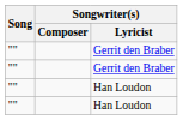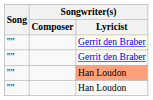 <table class="sortable wikitable" style="margin: 1em auto 1em auto">
 <tr>
 <th rowspan="2">Song</th>
 <th colspan="2">Songwriter(s)</th>
 </tr>
 <tr>
 <th>Composer</th>
 <th>Lyricist</th>
 </tr>
 <tr>
 <td>""</td>
 <td></td>
-<td><a href='#'>Gerrit den Braber</a></td>
+<td style="background: lightyellow;"><a href='#'>Gerrit den Braber</a></td>
 </tr>
 <tr>
 <td>""</td>
 <td></td>
 <td><a href='#'>Gerrit den Braber</a></td>
 </tr>
 <tr>
 <td>""</td>
 <td></td>
-<td>Han Loudon</td>
+<td style="background: lightsalmon;">Han Loudon</td>
 </tr>
 <tr>
 <td>""</td>
 <td></td>
 <td>Han Loudon</td>
 </tr>
 </table>
